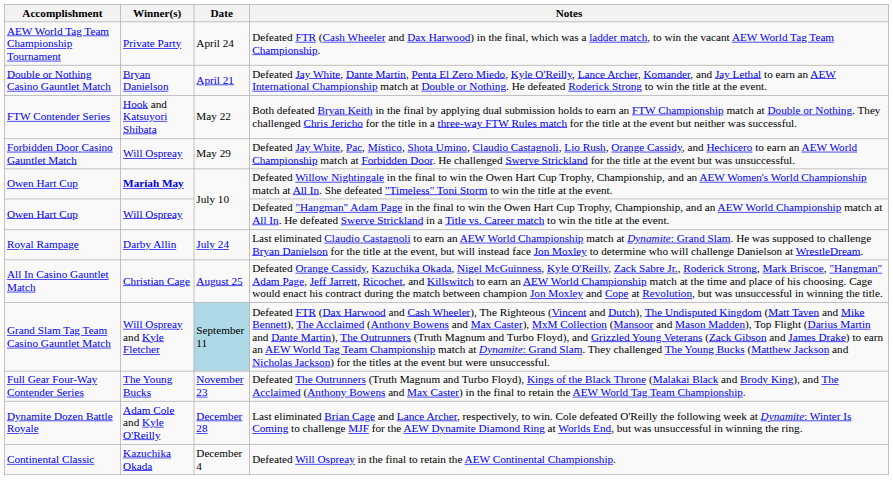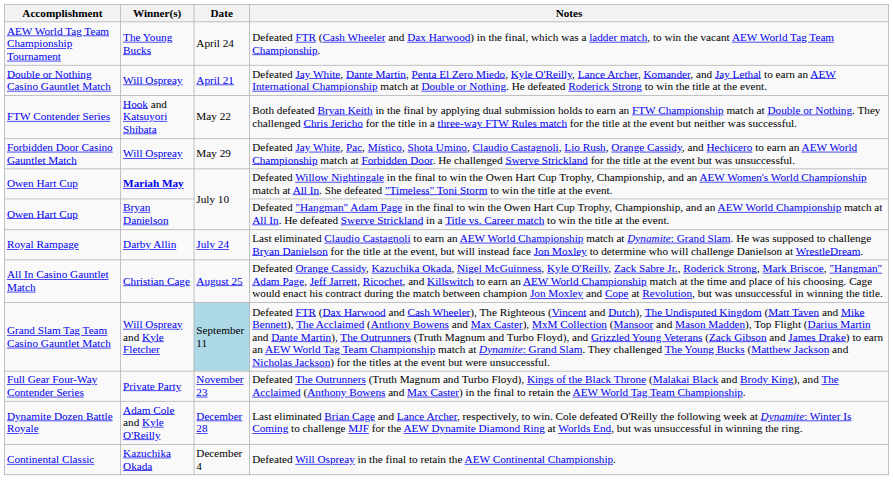 <table class="wikitable" style="width:100%;">
 <tr>
 <th>Accomplishment</th>
 <th>Winner(s)</th>
 <th>Date</th>
 <th>Notes</th>
 </tr>
 <tr>
 <td><a href='#'>AEW World Tag Team Championship Tournament</a></td>
-<td><a href='#'>Private Party</a><br></td>
+<td><a href='#'>The Young Bucks</a><br></td>
 <td>April 24</td>
 <td>Defeated <a href='#'>FTR</a> (<a href='#'>Cash Wheeler</a> and <a href='#'>Dax Harwood</a>) in the final, which was a <a href='#'>ladder match</a>, to win the vacant <a href='#'>AEW World Tag Team Championship</a>.</td>
 </tr>
 <tr>
 <td><a href='#'>Double or Nothing Casino Gauntlet Match</a></td>
-<td><a href='#'>Bryan Danielson</a></td>
+<td><a href='#'>Will Ospreay</a></td>
 <td><a href='#'>April 21</a></td>
 <td>Defeated <a href='#'>Jay White</a>, <a href='#'>Dante Martin</a>, <a href='#'>Penta El Zero Miedo</a>, <a href='#'>Kyle O'Reilly</a>, <a href='#'>Lance Archer</a>, <a href='#'>Komander</a>, and <a href='#'>Jay Lethal</a> to earn an <a href='#'>AEW International Championship</a> match at <a href='#'>Double or Nothing</a>. He defeated <a href='#'>Roderick Strong</a> to win the title at the event.</td>
 </tr>
 <tr>
 <td><a href='#'>FTW Contender Series</a></td>
 <td><a href='#'>Hook</a> and <a href='#'>Katsuyori Shibata</a></td>
 <td>May 22</td>
 <td>Both defeated <a href='#'>Bryan Keith</a> in the final by applying dual submission holds to earn an <a href='#'>FTW Championship</a> match at <a href='#'>Double or Nothing</a>. They challenged <a href='#'>Chris Jericho</a> for the title in a <a href='#'>three-way FTW Rules match</a> for the title at the event but neither was successful.</td>
 </tr>
 <tr>
 <td><a href='#'>Forbidden Door Casino Gauntlet Match</a></td>
 <td><a href='#'>Will Ospreay</a></td>
 <td>May 29</td>
 <td>Defeated <a href='#'>Jay White</a>, <a href='#'>Pac</a>, <a href='#'>Místico</a>, <a href='#'>Shota Umino</a>, <a href='#'>Claudio Castagnoli</a>, <a href='#'>Lio Rush</a>, <a href='#'>Orange Cassidy</a>, and <a href='#'>Hechicero</a> to earn an <a href='#'>AEW World Championship</a> match at <a href='#'>Forbidden Door</a>. He challenged <a href='#'>Swerve Strickland</a> for the title at the event but was unsuccessful.</td>
 </tr>
 <tr>
 <td><a href='#'>Owen Hart Cup</a><br></td>
 <td><strong><a href='#'>Mariah May</a></strong></td>
 <td rowspan=2>July 10</td>
 <td>Defeated <a href='#'>Willow Nightingale</a> in the final to win the Owen Hart Cup Trophy, Championship, and an <a href='#'>AEW Women's World Championship</a> match at <a href='#'>All In</a>. She defeated <a href='#'>"Timeless" Toni Storm</a> to win the title at the event.</td>
 </tr>
 <tr>
 <td><a href='#'>Owen Hart Cup</a><br></td>
-<td><a href='#'>Will Ospreay</a></td>
+<td><a href='#'>Bryan Danielson</a></td>
 <td>Defeated <a href='#'>"Hangman" Adam Page</a> in the final to win the Owen Hart Cup Trophy, Championship, and an <a href='#'>AEW World Championship</a> match at <a href='#'>All In</a>. He defeated <a href='#'>Swerve Strickland</a> in a <a href='#'>Title vs. Career match</a> to win the title at the event.</td>
 </tr>
 <tr>
 <td><a href='#'>Royal Rampage</a></td>
 <td><a href='#'>Darby Allin</a></td>
 <td><a href='#'>July 24</a><br></td>
 <td>Last eliminated <a href='#'>Claudio Castagnoli</a> to earn an <a href='#'>AEW World Championship</a> match at <a href='#'><em>Dynamite</em>: Grand Slam</a>. He was supposed to challenge <a href='#'>Bryan Danielson</a> for the title at the event, but will instead face <a href='#'>Jon Moxley</a> to determine who will challenge Danielson at <a href='#'>WrestleDream</a>.</td>
 </tr>
 <tr>
 <td><a href='#'>All In Casino Gauntlet Match</a></td>
 <td><a href='#'>Christian Cage</a></td>
 <td><a href='#'>August 25</a></td>
 <td>Defeated <a href='#'>Orange Cassidy</a>, <a href='#'>Kazuchika Okada</a>, <a href='#'>Nigel McGuinness</a>, <a href='#'>Kyle O'Reilly</a>, <a href='#'>Zack Sabre Jr.</a>, <a href='#'>Roderick Strong</a>, <a href='#'>Mark Briscoe</a>, <a href='#'>"Hangman" Adam Page</a>, <a href='#'>Jeff Jarrett</a>, <a href='#'>Ricochet</a>, and <a href='#'>Killswitch</a> to earn an <a href='#'>AEW World Championship</a> match at the time and place of his choosing. Cage would enact his contract during the match between champion <a href='#'>Jon Moxley</a> and <a href='#'>Cope</a> at <a href='#'>Revolution</a>, but was unsuccessful in winning the title.</td>
 </tr>
 <tr>
 <td><a href='#'>Grand Slam Tag Team Casino Gauntlet Match</a></td>
 <td><a href='#'>Will Ospreay</a> and <a href='#'>Kyle Fletcher</a></td>
 <td style="background: lightblue;">September 11</td>
 <td>Defeated <a href='#'>FTR</a> (<a href='#'>Dax Harwood</a> and <a href='#'>Cash Wheeler</a>), The Righteous (<a href='#'>Vincent</a> and <a href='#'>Dutch</a>), <a href='#'>The Undisputed Kingdom</a> (<a href='#'>Matt Taven</a> and <a href='#'>Mike Bennett</a>), <a href='#'>The Acclaimed</a> (<a href='#'>Anthony Bowens</a> and <a href='#'>Max Caster</a>), <a href='#'>MxM Collection</a> (<a href='#'>Mansoor</a> and <a href='#'>Mason Madden</a>), Top Flight (<a href='#'>Darius Martin</a> and <a href='#'>Dante Martin</a>), <a href='#'>The Outrunners</a> (Truth Magnum and Turbo Floyd), and <a href='#'>Grizzled Young Veterans</a> (<a href='#'>Zack Gibson</a> and <a href='#'>James Drake</a>) to earn an <a href='#'>AEW World Tag Team Championship</a> match at <a href='#'><em>Dynamite</em>: Grand Slam</a>. They challenged <a href='#'>The Young Bucks</a> (<a href='#'>Matthew Jackson</a> and <a href='#'>Nicholas Jackson</a>) for the titles at the event but were unsuccessful.</td>
 </tr>
 <tr>
 <td><a href='#'>Full Gear Four-Way Contender Series</a></td>
-<td><a href='#'>The Young Bucks</a><br></td>
+<td><a href='#'>Private Party</a><br></td>
 <td><a href='#'>November 23</a></td>
 <td>Defeated <a href='#'>The Outrunners</a> (Truth Magnum and Turbo Floyd), <a href='#'>Kings of the Black Throne</a> (<a href='#'>Malakai Black</a> and <a href='#'>Brody King</a>), and <a href='#'>The Acclaimed</a> (<a href='#'>Anthony Bowens</a> and <a href='#'>Max Caster</a>) in the final to retain the <a href='#'>AEW World Tag Team Championship</a>.</td>
 </tr>
 <tr>
 <td><a href='#'>Dynamite Dozen Battle Royale</a></td>
 <td><a href='#'>Adam Cole</a> and <a href='#'>Kyle O'Reilly</a></td>
 <td><a href='#'>December 28</a></td>
 <td>Last eliminated <a href='#'>Brian Cage</a> and <a href='#'>Lance Archer</a>, respectively, to win. Cole defeated O'Reilly the following week at <a href='#'><em>Dynamite</em>: Winter Is Coming</a> to challenge <a href='#'>MJF</a> for the <a href='#'>AEW Dynamite Diamond Ring</a> at <a href='#'>Worlds End</a>, but was unsuccessful in winning the ring.</td>
 </tr>
 <tr>
 <td><a href='#'>Continental Classic</a></td>
 <td><a href='#'>Kazuchika Okada</a></td>
 <td>December 4</td>
 <td>Defeated <a href='#'>Will Ospreay</a> in the final to retain the <a href='#'>AEW Continental Championship</a>.</td>
 </tr>
 </table>
